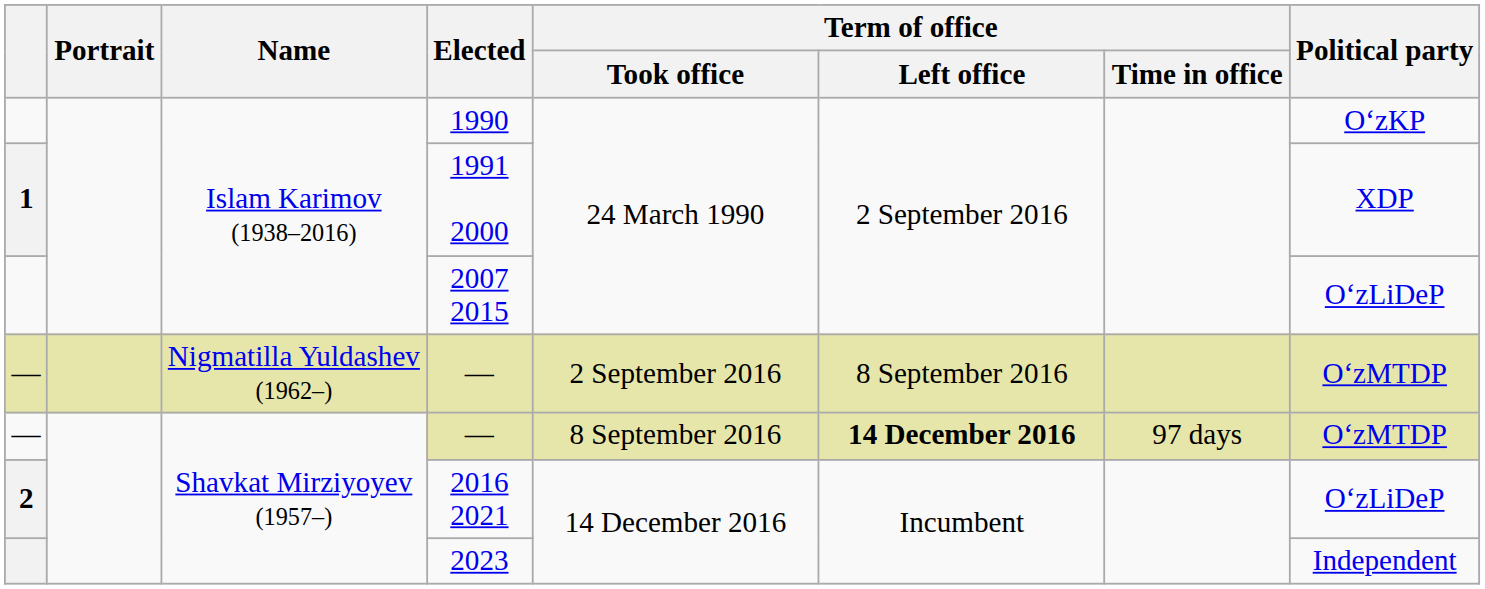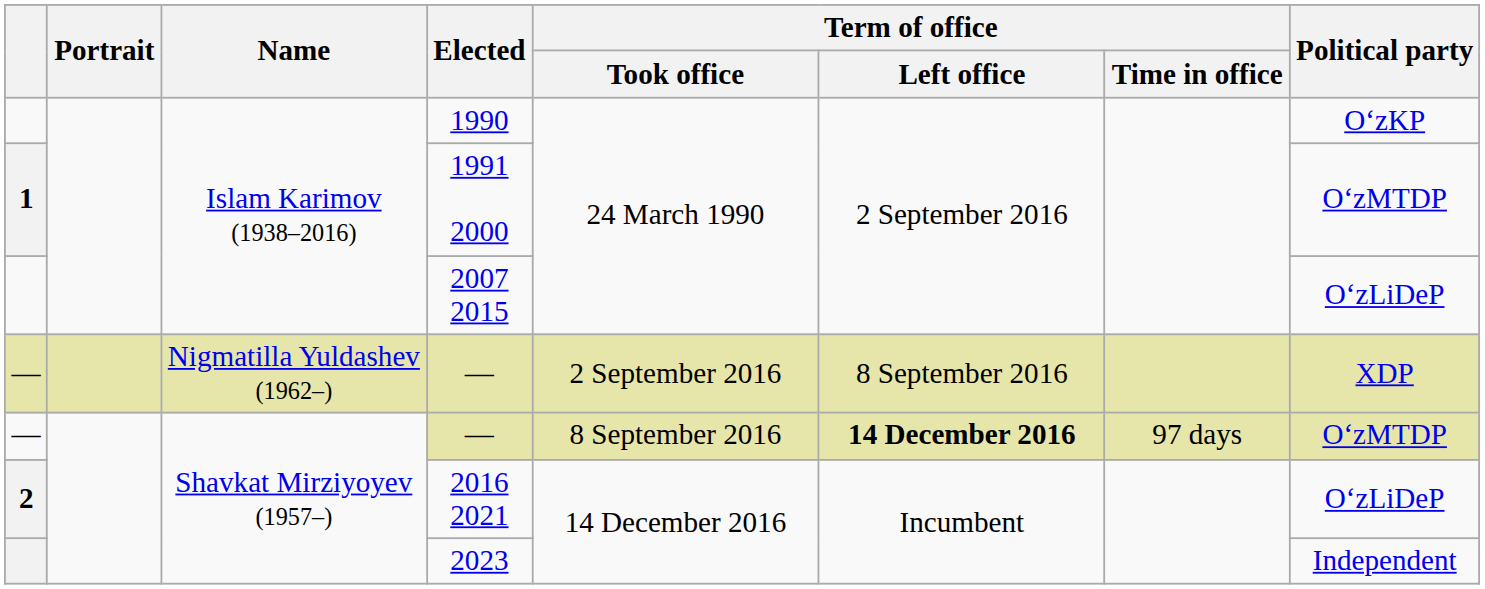 <table class="wikitable" style="text-align:center">
 <tr>
 <th rowspan="2"></th>
 <th rowspan="2">Portrait</th>
 <th rowspan="2">Name<br></th>
 <th rowspan="2">Elected</th>
 <th colspan="3">Term of office</th>
 <th rowspan="2">Political party</th>
 </tr>
 <tr>
 <th align="center" width="150">Took office</th>
 <th align="center" width="150">Left office</th>
 <th>Time in office</th>
 </tr>
 <tr>
 <td align="center" style="background:"></td>
 <td rowspan="3" align="center"></td>
 <td rowspan="3"><a href='#'>Islam Karimov</a><br><small>(1938–2016)</small></td>
 <td><a href='#'>1990</a></td>
 <td rowspan="3" align="center">24 March 1990</td>
 <td rowspan="3" align="center">2 September 2016</td>
 <td rowspan="3"></td>
 <td align="center"><a href='#'>OʻzKP</a><br></td>
 </tr>
 <tr>
 <th align="center" style="background:">1</th>
 <td><a href='#'>1991</a><br><br><a href='#'>2000</a><br></td>
-<td><a href='#'>XDP</a><br></td>
+<td align="center"><a href='#'>OʻzMTDP</a></td>
 </tr>
 <tr>
 <td align="center" style="background:"></td>
 <td><a href='#'>2007</a><br><a href='#'>2015</a></td>
 <td><a href='#'>OʻzLiDeP</a></td>
 </tr>
 <tr style="background:#e6e6aa;">
 <td align="center" style="background:">—</td>
 <td rowspan="1" align="center"></td>
 <td align="center"><a href='#'>Nigmatilla Yuldashev</a><br><small>(1962–)</small><br></td>
 <td>—</td>
 <td align="center">2 September 2016</td>
 <td align="center">8 September 2016</td>
 <td></td>
-<td align="center"><a href='#'>OʻzMTDP</a></td>
+<td><a href='#'>XDP</a><br></td>
 </tr>
 <tr>
 <td style="background:">—</td>
 <td rowspan="3"></td>
 <td rowspan="3"><a href='#'>Shavkat Mirziyoyev</a><br><small>(1957–)</small></td>
 <td style="background:#e6e6aa;">—</td>
 <td style="background:#e6e6aa;">8 September 2016</td>
 <td style="background:#e6e6aa;"><strong>14 December 2016</strong></td>
 <td style="background:#e6e6aa;">97 days</td>
 <td style="background:#e6e6aa;"><a href='#'>OʻzMTDP</a><br></td>
 </tr>
 <tr>
 <th style="background:">2</th>
 <td><a href='#'>2016</a><br><a href='#'>2021</a></td>
 <td rowspan="2">14 December 2016</td>
 <td rowspan="2">Incumbent</td>
 <td rowspan="2"></td>
 <td><a href='#'>OʻzLiDeP</a><br></td>
 </tr>
 <tr>
 <th style="background:"></th>
 <td><a href='#'>2023</a></td>
 <td><a href='#'>Independent</a></td>
 </tr>
 </table>
